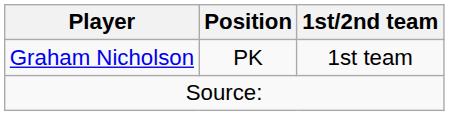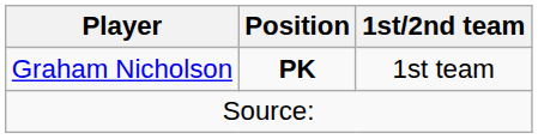 <table class="wikitable" style="text-align: center">
 <tr align=center>
 <th>Player</th>
 <th>Position</th>
 <th>1st/2nd team</th>
 </tr>
 <tr>
 <td><a href='#'>Graham Nicholson</a></td>
-<td>PK</td>
+<td><strong>PK</strong></td>
 <td>1st team</td>
 </tr>
 <tr>
 <td colspan="3">Source:</td>
 </tr>
 </table>
